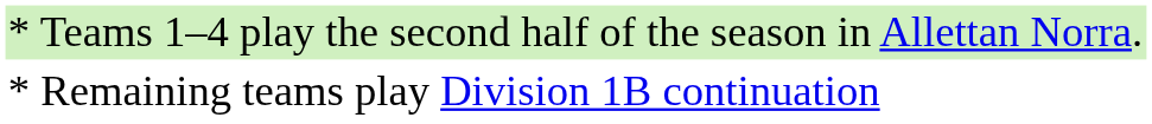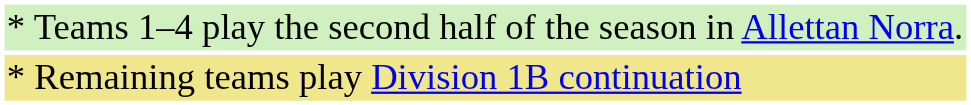 <table>
 <tr style="background: #D0F0C0;">
 <td>* Teams 1–4 play the second half of the season in <a href='#'>Allettan Norra</a>.</td>
 </tr>
 <tr>
-<td>* Remaining teams play <a href='#'>Division 1B continuation</a></td>
+<td style="background: khaki;">* Remaining teams play <a href='#'>Division 1B continuation</a></td>
 </tr>
 </table>
